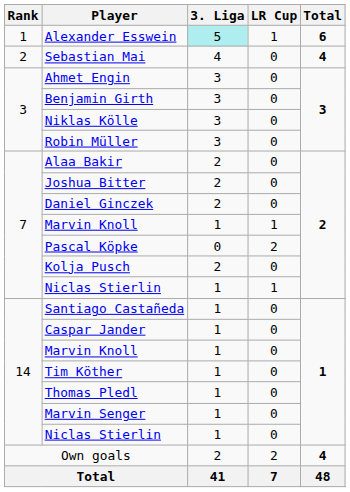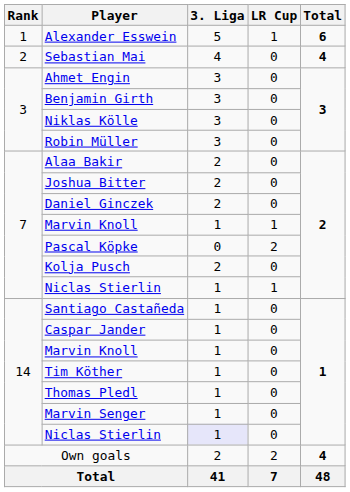 <table class="wikitable" style="text-align:center;">
 <tr>
 <th>Rank</th>
 <th>Player</th>
 <th>3. Liga</th>
 <th>LR Cup</th>
 <th>Total</th>
 </tr>
 <tr>
 <td>1</td>
 <td align=left> <a href='#'>Alexander Esswein</a></td>
-<td style="background: paleturquoise;">5</td>
+<td>5</td>
 <td>1</td>
 <td><strong>6</strong></td>
 </tr>
 <tr>
 <td>2</td>
 <td align=left> <a href='#'>Sebastian Mai</a></td>
 <td>4</td>
 <td>0</td>
 <td><strong>4</strong></td>
 </tr>
 <tr>
 <td rowspan=4>3</td>
 <td align=left> <a href='#'>Ahmet Engin</a></td>
 <td>3</td>
 <td>0</td>
 <td rowspan=4><strong>3</strong></td>
 </tr>
 <tr>
 <td align=left> <a href='#'>Benjamin Girth</a></td>
 <td>3</td>
 <td>0</td>
 </tr>
 <tr>
 <td align=left> <a href='#'>Niklas Kölle</a></td>
 <td>3</td>
 <td>0</td>
 </tr>
 <tr>
 <td align=left> <a href='#'>Robin Müller</a></td>
 <td>3</td>
 <td>0</td>
 </tr>
 <tr>
 <td rowspan=7>7</td>
 <td align=left> <a href='#'>Alaa Bakir</a></td>
 <td>2</td>
 <td>0</td>
 <td rowspan=7><strong>2</strong></td>
 </tr>
 <tr>
 <td align=left> <a href='#'>Joshua Bitter</a></td>
 <td>2</td>
 <td>0</td>
 </tr>
 <tr>
 <td align=left> <a href='#'>Daniel Ginczek</a></td>
 <td>2</td>
 <td>0</td>
 </tr>
 <tr>
 <td align=left> <a href='#'>Marvin Knoll</a></td>
 <td>1</td>
 <td>1</td>
 </tr>
 <tr>
 <td align=left> <a href='#'>Pascal Köpke</a></td>
 <td>0</td>
 <td>2</td>
 </tr>
 <tr>
 <td align=left> <a href='#'>Kolja Pusch</a></td>
 <td>2</td>
 <td>0</td>
 </tr>
 <tr>
 <td align=left> <a href='#'>Niclas Stierlin</a></td>
 <td>1</td>
 <td>1</td>
 </tr>
 <tr>
 <td rowspan=7>14</td>
 <td align=left> <a href='#'>Santiago Castañeda</a></td>
 <td>1</td>
 <td>0</td>
 <td rowspan=7><strong>1</strong></td>
 </tr>
 <tr>
 <td align=left> <a href='#'>Caspar Jander</a></td>
 <td>1</td>
 <td>0</td>
 </tr>
 <tr>
 <td align=left> <a href='#'>Marvin Knoll</a></td>
 <td>1</td>
 <td>0</td>
 </tr>
 <tr>
 <td align=left> <a href='#'>Tim Köther</a></td>
 <td>1</td>
 <td>0</td>
 </tr>
 <tr>
 <td align=left> <a href='#'>Thomas Pledl</a></td>
 <td>1</td>
 <td>0</td>
 </tr>
 <tr>
 <td align=left> <a href='#'>Marvin Senger</a></td>
 <td>1</td>
 <td>0</td>
 </tr>
 <tr>
 <td align=left> <a href='#'>Niclas Stierlin</a></td>
-<td>1</td>
+<td style="background: lavender;">1</td>
 <td>0</td>
 </tr>
 <tr>
 <td align=center colspan=2>Own goals</td>
 <td>2</td>
 <td>2</td>
 <td><strong>4</strong></td>
 </tr>
 <tr>
 <th colspan=2>Total</th>
 <th>41</th>
 <th>7</th>
 <th>48</th>
 </tr>
 </table>
